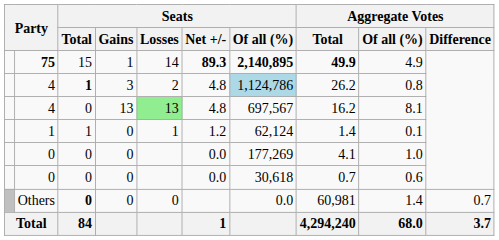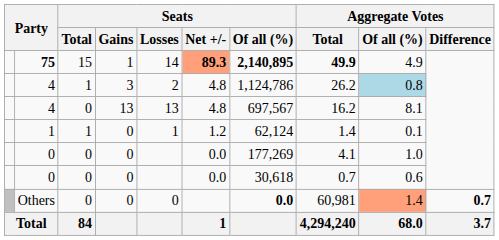 <table class="wikitable sortable" style="text-align:right; font-size:95%;">
 <tr>
 <th colspan="2" rowspan="2">Party</th>
 <th colspan="5">Seats</th>
 <th colspan="3">Aggregate Votes</th>
 </tr>
 <tr>
 <th>Total</th>
 <th>Gains</th>
 <th>Losses</th>
 <th>Net +/-</th>
 <th>Of all (%)</th>
 <th>Total</th>
 <th>Of all (%)</th>
 <th>Difference</th>
 </tr>
 <tr>
 <td></td>
 <td><strong>75</strong></td>
 <td>15</td>
 <td>1</td>
 <td>14</td>
-<td><strong>89.3</strong></td>
+<td style="background: lightsalmon;"><strong>89.3</strong></td>
 <td><strong>2,140,895</strong></td>
 <td><strong>49.9</strong></td>
 <td>4.9</td>
 </tr>
 <tr>
 <td></td>
 <td>4</td>
-<td><strong>1</strong></td>
+<td>1</td>
 <td>3</td>
 <td>2</td>
 <td>4.8</td>
-<td style="background: lightblue;">1,124,786</td>
+<td>1,124,786</td>
 <td>26.2</td>
-<td>0.8</td>
+<td style="background: lightblue;">0.8</td>
 </tr>
 <tr>
 <td></td>
 <td>4</td>
 <td>0</td>
 <td>13</td>
-<td style="background: lightgreen;">13</td>
+<td>13</td>
 <td>4.8</td>
 <td>697,567</td>
 <td>16.2</td>
 <td>8.1</td>
 </tr>
 <tr>
 <td></td>
 <td>1</td>
 <td>1</td>
 <td>0</td>
 <td>1</td>
 <td>1.2</td>
 <td>62,124</td>
 <td>1.4</td>
 <td>0.1</td>
 </tr>
 <tr>
 <td></td>
 <td>0</td>
 <td>0</td>
 <td>0</td>
 <td></td>
 <td>0.0</td>
 <td>177,269</td>
 <td>4.1</td>
 <td>1.0</td>
 </tr>
 <tr>
 <td></td>
 <td>0</td>
 <td>0</td>
 <td>0</td>
 <td></td>
 <td>0.0</td>
 <td>30,618</td>
 <td>0.7</td>
 <td>0.6</td>
 </tr>
 <tr>
 <td style="background:silver;"> </td>
 <td align=left>Others</td>
-<td><strong>0</strong></td>
+<td>0</td>
 <td>0</td>
 <td>0</td>
 <td></td>
-<td>0.0</td>
+<td><strong>0.0</strong></td>
 <td>60,981</td>
-<td>1.4</td>
-<td>0.7</td>
+<td style="background: lightsalmon;">1.4</td>
+<td><strong>0.7</strong></td>
 </tr>
 <tr class="sortbottom">
 <th colspan="2" style="background:#f2f2f2"><strong>Total</strong></th>
 <td style="background:#f2f2f2;"><strong>84</strong></td>
 <td style="background:#f2f2f2;"></td>
 <td style="background:#f2f2f2;"></td>
 <td style="background:#f2f2f2;"><strong>1</strong></td>
 <td style="background:#f2f2f2;"></td>
 <td style="background:#f2f2f2;"><strong>4,294,240</strong></td>
 <td style="background:#f2f2f2;"><strong>68.0</strong></td>
 <td style="background:#f2f2f2;"><strong>3.7</strong></td>
 </tr>
 </table>
